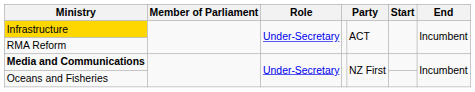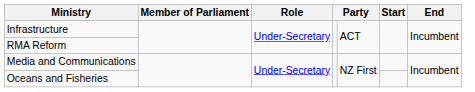 <table class="wikitable sortable">
 <tr>
 <th scope="col">Ministry</th>
 <th scope="col">Member of Parliament</th>
 <th>Role</th>
 <th colspan="2" scope="col">Party</th>
 <th scope="col">Start</th>
 <th scope="col">End</th>
 </tr>
 <tr>
-<td scope="row" style="background: gold;">Infrastructure</td>
+<td scope="row">Infrastructure</td>
 <td rowspan="2"></td>
 <td rowspan="2"><a href='#'>Under-Secretary</a></td>
 <td rowspan="2" style="background:"></td>
 <td rowspan="2">ACT</td>
 <td rowspan="2"></td>
 <td rowspan="2">Incumbent</td>
 </tr>
 <tr>
 <td>RMA Reform</td>
 </tr>
 <tr>
-<td scope="row"><strong>Media and Communications</strong></td>
+<td scope="row">Media and Communications</td>
 <td rowspan="2"></td>
 <td rowspan="2"><a href='#'>Under-Secretary</a></td>
 <td rowspan="2" style="background:"></td>
 <td rowspan="2">NZ First</td>
 <td></td>
 <td rowspan="2">Incumbent</td>
 </tr>
 <tr>
 <td>Oceans and Fisheries</td>
 <td></td>
 </tr>
 </table>
